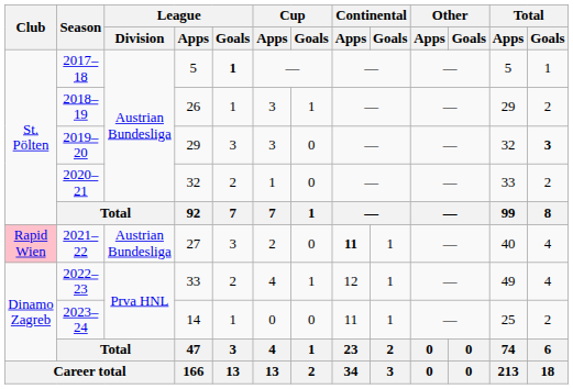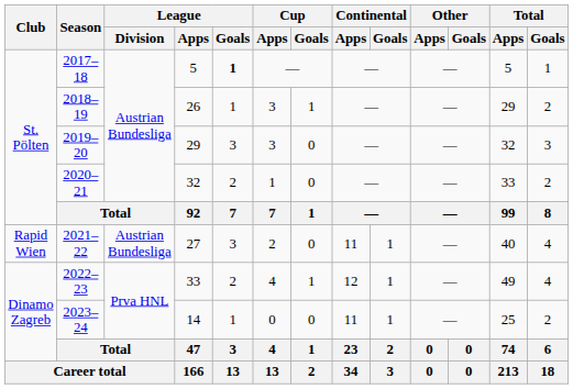 <table class="wikitable" style="text-align: center">
 <tr>
 <th rowspan="2">Club</th>
 <th rowspan="2">Season</th>
 <th colspan="3">League</th>
 <th colspan="2">Cup</th>
 <th colspan="2">Continental</th>
 <th colspan="2">Other</th>
 <th colspan="2">Total</th>
 </tr>
 <tr>
 <th>Division</th>
 <th>Apps</th>
 <th>Goals</th>
 <th>Apps</th>
 <th>Goals</th>
 <th>Apps</th>
 <th>Goals</th>
 <th>Apps</th>
 <th>Goals</th>
 <th>Apps</th>
 <th>Goals</th>
 </tr>
 <tr>
 <td rowspan="5"><a href='#'>St. Pölten</a></td>
 <td><a href='#'>2017–18</a></td>
 <td rowspan="4"><a href='#'>Austrian Bundesliga</a></td>
 <td>5</td>
 <td><strong>1</strong></td>
 <td colspan="2">—</td>
 <td colspan="2">—</td>
 <td colspan="2">—</td>
 <td>5</td>
 <td>1</td>
 </tr>
 <tr>
 <td><a href='#'>2018–19</a></td>
 <td>26</td>
 <td>1</td>
 <td>3</td>
 <td>1</td>
 <td colspan="2">—</td>
 <td colspan="2">—</td>
 <td>29</td>
 <td>2</td>
 </tr>
 <tr>
 <td><a href='#'>2019–20</a></td>
 <td>29</td>
 <td>3</td>
 <td>3</td>
 <td>0</td>
 <td colspan="2">—</td>
 <td colspan="2">—</td>
 <td>32</td>
-<td><strong>3</strong></td>
+<td>3</td>
 </tr>
 <tr>
 <td><a href='#'>2020–21</a></td>
 <td>32</td>
 <td>2</td>
 <td>1</td>
 <td>0</td>
 <td colspan="2">—</td>
 <td colspan="2">—</td>
 <td>33</td>
 <td>2</td>
 </tr>
 <tr>
 <th colspan="2">Total</th>
 <th>92</th>
 <th>7</th>
 <th>7</th>
 <th>1</th>
 <th colspan="2">—</th>
 <th colspan="2">—</th>
 <th>99</th>
 <th>8</th>
 </tr>
 <tr>
-<td style="background: pink;"><a href='#'>Rapid Wien</a></td>
+<td><a href='#'>Rapid Wien</a></td>
 <td><a href='#'>2021–22</a></td>
 <td><a href='#'>Austrian Bundesliga</a></td>
 <td>27</td>
 <td>3</td>
 <td>2</td>
 <td>0</td>
-<td><strong>11</strong></td>
+<td>11</td>
 <td>1</td>
 <td colspan="2">—</td>
 <td>40</td>
 <td>4</td>
 </tr>
 <tr>
 <td rowspan="3"><a href='#'>Dinamo Zagreb</a></td>
 <td><a href='#'>2022–23</a></td>
 <td rowspan="2"><a href='#'>Prva HNL</a></td>
 <td>33</td>
 <td>2</td>
 <td>4</td>
 <td>1</td>
 <td>12</td>
 <td>1</td>
 <td colspan="2">—</td>
 <td>49</td>
 <td>4</td>
 </tr>
 <tr>
 <td><a href='#'>2023–24</a></td>
 <td>14</td>
 <td>1</td>
 <td>0</td>
 <td>0</td>
 <td>11</td>
 <td>1</td>
 <td colspan="2">—</td>
 <td>25</td>
 <td>2</td>
 </tr>
 <tr>
 <th colspan="2">Total</th>
 <th>47</th>
 <th>3</th>
 <th>4</th>
 <th>1</th>
 <th>23</th>
 <th>2</th>
 <th>0</th>
 <th>0</th>
 <th>74</th>
 <th>6</th>
 </tr>
 <tr>
 <th colspan="3">Career total</th>
 <th>166</th>
 <th>13</th>
 <th>13</th>
 <th>2</th>
 <th>34</th>
 <th>3</th>
 <th>0</th>
 <th>0</th>
 <th>213</th>
 <th>18</th>
 </tr>
 </table>
